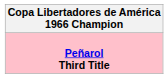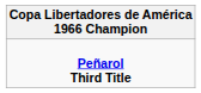 <table class="wikitable" style="text-align: center; margin: 0 auto;">
 <tr>
 <th>Copa Libertadores de América<br>1966 Champion</th>
 </tr>
 <tr>
-<td style="background: pink;"><br><strong><a href='#'>Peñarol</a></strong><br><strong>Third Title</strong></td>
+<td><br><strong><a href='#'>Peñarol</a></strong><br><strong>Third Title</strong></td>
 </tr>
 </table>
